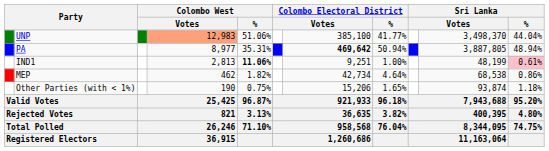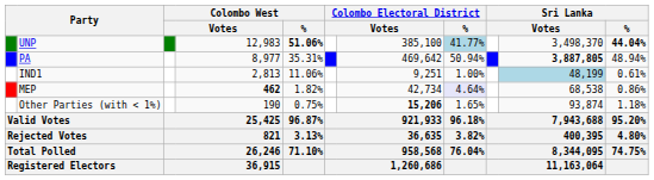 <table class="wikitable">
 <tr>
 <th colspan="2" width="144px"rowspan="2">Party</th>
 <th colspan="3" width="216px">Colombo West</th>
 <th colspan="3" width="216px"><a href='#'>Colombo Electoral District</a></th>
 <th colspan="3" width="216px">Sri Lanka</th>
 </tr>
 <tr>
 <th colspan="2" width="144px">Votes</th>
 <th>%</th>
 <th colspan="2" width="144px">Votes</th>
 <th>%</th>
 <th colspan="2" width="144px">Votes</th>
 <th>%</th>
 </tr>
 <tr>
 <td style="background-color:green;" width="10px"></td>
 <td style="text-align:left;"><a href='#'>UNP</a></td>
 <td style="background-color:green;" width="10px"></td>
-<td style="background: lightsalmon; text-align:right;">12,983</td>
-<td style="text-align:right;">51.06%</td>
+<td style="text-align:right;">12,983</td>
+<td style="text-align:right;"><strong>51.06%</strong></td>
 <td style="background-color:white;" width="10px"></td>
 <td style="text-align:right;">385,100</td>
-<td style="text-align:right;">41.77%</td>
+<td style="background: lightblue; text-align:right;">41.77%</td>
 <td style="background-color:white;" width="10px"></td>
 <td style="text-align:right;">3,498,370</td>
-<td style="text-align:right;">44.04%</td>
+<td style="text-align:right;"><strong>44.04%</strong></td>
 </tr>
 <tr>
 <td style="background-color:blue;" width="10px"></td>
 <td style="text-align:left;"><a href='#'>PA</a></td>
 <td style="background-color:white;" width="10px"></td>
 <td style="text-align:right;">8,977</td>
 <td style="text-align:right;">35.31%</td>
 <td style="background-color:blue;" width="10px"></td>
-<td style="text-align:right;"><strong>469,642</strong></td>
+<td style="text-align:right;">469,642</td>
 <td style="text-align:right;">50.94%</td>
 <td style="background-color:blue;" width="10px"></td>
-<td style="text-align:right;">3,887,805</td>
+<td style="text-align:right;"><strong>3,887,805</strong></td>
 <td style="text-align:right;">48.94%</td>
 </tr>
 <tr>
 <td style="background-color:white;" width="10px"></td>
 <td style="text-align:left;">IND1</td>
 <td style="background-color:white;" width="10px"></td>
 <td style="text-align:right;">2,813</td>
-<td style="text-align:right;"><strong>11.06%</strong></td>
+<td style="text-align:right;">11.06%</td>
 <td style="background-color:white;" width="10px"></td>
 <td style="text-align:right;">9,251</td>
 <td style="text-align:right;">1.00%</td>
 <td style="background-color:white;" width="10px"></td>
-<td style="text-align:right;">48,199</td>
-<td style="background: pink; text-align:right;">0.61%</td>
+<td style="background: lightblue; text-align:right;">48,199</td>
+<td style="text-align:right;">0.61%</td>
 </tr>
 <tr>
 <td style="background-color:red;" width="10px"></td>
 <td style="text-align:left;">MEP</td>
 <td style="background-color:white;" width="10px"></td>
-<td style="text-align:right;">462</td>
+<td style="text-align:right;"><strong>462</strong></td>
 <td style="text-align:right;">1.82%</td>
 <td style="background-color:white;" width="10px"></td>
 <td style="text-align:right;">42,734</td>
-<td style="text-align:right;">4.64%</td>
+<td style="background: lavender; text-align:right;">4.64%</td>
 <td style="background-color:white;" width="10px"></td>
 <td style="text-align:right;">68,538</td>
 <td style="text-align:right;">0.86%</td>
 </tr>
 <tr>
 <td style="background-color:white;" width="10px"></td>
 <td style="text-align:left;">Other Parties (with < 1%)</td>
 <td style="background-color:white;" width="10px"></td>
 <td style="text-align:right;">190</td>
 <td style="text-align:right;">0.75%</td>
 <td style="background-color:white;" width="10px"></td>
-<td style="text-align:right;">15,206</td>
+<td style="text-align:right;"><strong>15,206</strong></td>
 <td style="text-align:right;">1.65%</td>
 <td style="background-color:white;" width="10px"></td>
 <td style="text-align:right;">93,874</td>
 <td style="text-align:right;">1.18%</td>
 </tr>
 <tr>
 <th colspan="2" width="144px"style="text-align:left;">Valid Votes</th>
 <th style="text-align:right;"colspan="2" width="144px">25,425</th>
 <th style="text-align:right;">96.87%</th>
 <th style="text-align:right;"colspan="2" width="144px">921,933</th>
 <th style="text-align:right;">96.18%</th>
 <th style="text-align:right;"colspan="2" width="144px">7,943,688</th>
 <th style="text-align:right;">95.20%</th>
 </tr>
 <tr>
 <th colspan="2" width="144px"style="text-align:left;">Rejected Votes</th>
 <th style="text-align:right;"colspan="2" width="144px">821</th>
 <th style="text-align:right;">3.13%</th>
 <th style="text-align:right;"colspan="2" width="144px">36,635</th>
 <th style="text-align:right;">3.82%</th>
 <th style="text-align:right;"colspan="2" width="144px">400,395</th>
 <th style="text-align:right;">4.80%</th>
 </tr>
 <tr>
 <th colspan="2" width="144px"style="text-align:left;">Total Polled</th>
 <th style="text-align:right;"colspan="2" width="144px">26,246</th>
 <th style="text-align:right;">71.10%</th>
 <th style="text-align:right;"colspan="2" width="144px">958,568</th>
 <th style="text-align:right;">76.04%</th>
 <th style="text-align:right;"colspan="2" width="144px">8,344,095</th>
 <th style="text-align:right;">74.75%</th>
 </tr>
 <tr>
 <th colspan="2" width="144px"style="text-align:left;">Registered Electors</th>
 <th style="text-align:right;"colspan="2" width="144px">36,915</th>
 <th></th>
 <th style="text-align:right;"colspan="2" width="144px">1,260,686</th>
 <th></th>
 <th style="text-align:right;"colspan="2" width="144px">11,163,064</th>
 <th></th>
 </tr>
 </table>
